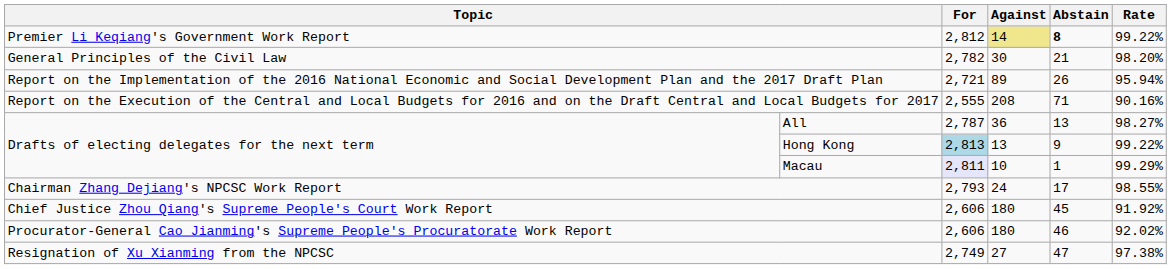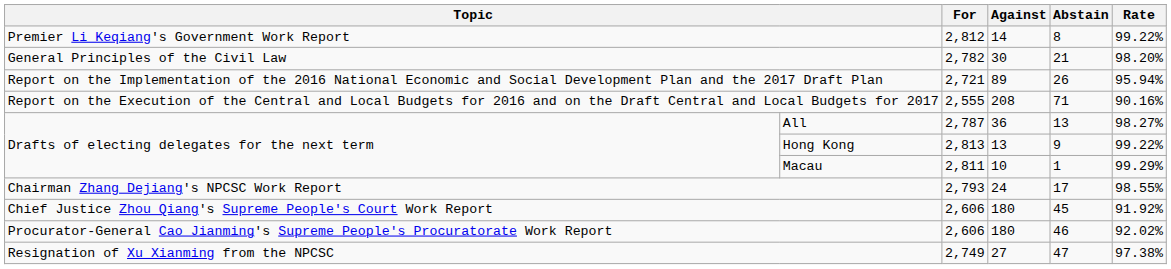 <table class="wikitable">
 <tr>
 <th colspan="2">Topic</th>
 <th>For</th>
 <th>Against</th>
 <th>Abstain</th>
 <th>Rate</th>
 </tr>
 <tr>
 <td colspan="2">Premier <a href='#'>Li Keqiang</a>'s Government Work Report</td>
 <td>2,812</td>
-<td style="background: khaki;">14</td>
-<td><strong>8</strong></td>
+<td>14</td>
+<td>8</td>
 <td>99.22%</td>
 </tr>
 <tr>
 <td colspan="2">General Principles of the Civil Law</td>
 <td>2,782</td>
 <td>30</td>
 <td>21</td>
 <td>98.20%</td>
 </tr>
 <tr>
 <td colspan="2">Report on the Implementation of the 2016 National Economic and Social Development Plan and the 2017 Draft Plan</td>
 <td>2,721</td>
 <td>89</td>
 <td>26</td>
 <td>95.94%</td>
 </tr>
 <tr>
 <td colspan="2">Report on the Execution of the Central and Local Budgets for 2016 and on the Draft Central and Local Budgets for 2017</td>
 <td>2,555</td>
 <td>208</td>
 <td>71</td>
 <td>90.16%</td>
 </tr>
 <tr>
 <td rowspan="3">Drafts of electing delegates for the next term</td>
 <td>All</td>
 <td>2,787</td>
 <td>36</td>
 <td>13</td>
 <td>98.27%</td>
 </tr>
 <tr>
 <td>Hong Kong</td>
-<td style="background: lightblue;">2,813</td>
+<td>2,813</td>
 <td>13</td>
 <td>9</td>
 <td>99.22%</td>
 </tr>
 <tr>
 <td>Macau</td>
-<td style="background: lavender;">2,811</td>
+<td>2,811</td>
 <td>10</td>
 <td>1</td>
 <td>99.29%</td>
 </tr>
 <tr>
 <td colspan="2">Chairman <a href='#'>Zhang Dejiang</a>'s NPCSC Work Report</td>
 <td>2,793</td>
 <td>24</td>
 <td>17</td>
 <td>98.55%</td>
 </tr>
 <tr>
 <td colspan="2">Chief Justice <a href='#'>Zhou Qiang</a>'s <a href='#'>Supreme People's Court</a> Work Report</td>
 <td>2,606</td>
 <td>180</td>
 <td>45</td>
 <td>91.92%</td>
 </tr>
 <tr>
 <td colspan="2">Procurator-General <a href='#'>Cao Jianming</a>'s <a href='#'>Supreme People's Procuratorate</a> Work Report</td>
 <td>2,606</td>
 <td>180</td>
 <td>46</td>
 <td>92.02%</td>
 </tr>
 <tr>
 <td colspan="2">Resignation of <a href='#'>Xu Xianming</a> from the NPCSC</td>
 <td>2,749</td>
 <td>27</td>
 <td>47</td>
 <td>97.38%</td>
 </tr>
 </table>
